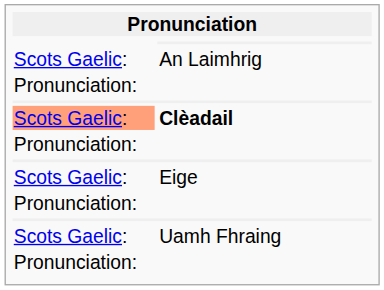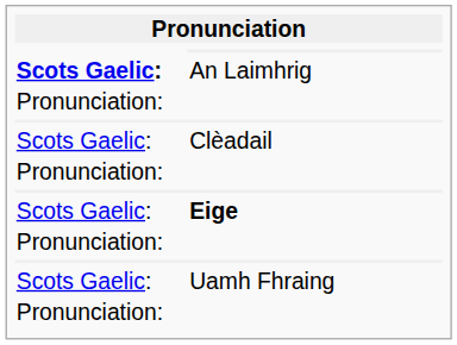 <table class="collapsible infobox collapsed" width="280" style="font-size: 90%;">
 <tr>
 <th colspan="2" bgcolor="#efefef">Pronunciation</th>
 </tr>
 <tr class="note">
 </tr>
 <tr style="vertical-align: top;">
 <td style="width: 40%;"></td>
 <th colspan="2" bgcolor="#efefef"></th>
 </tr>
 <tr>
-<td><a href='#'>Scots Gaelic</a>:</td>
+<td><strong><a href='#'>Scots Gaelic</a>:</strong></td>
 <td>An Laimhrig</td>
 </tr>
 <tr>
 <td>Pronunciation:</td>
 <td></td>
 </tr>
 <tr>
 <th colspan="2" bgcolor="#efefef"></th>
 </tr>
 <tr>
-<td style="background: lightsalmon;"><a href='#'>Scots Gaelic</a>:</td>
-<td><strong>Clèadail</strong></td>
+<td><a href='#'>Scots Gaelic</a>:</td>
+<td>Clèadail</td>
 </tr>
 <tr>
 <td>Pronunciation:</td>
 <td></td>
 </tr>
 <tr>
 <th colspan="2" bgcolor="#efefef"></th>
 </tr>
 <tr>
 <td><a href='#'>Scots Gaelic</a>:</td>
-<td>Eige</td>
+<td><strong>Eige</strong></td>
 </tr>
 <tr>
 <td>Pronunciation:</td>
 <td></td>
 </tr>
 <tr>
 <th colspan="2" bgcolor="#efefef"></th>
 </tr>
 <tr>
 <td><a href='#'>Scots Gaelic</a>:</td>
 <td>Uamh Fhraing</td>
 </tr>
 <tr>
 <td>Pronunciation:</td>
 <td></td>
 </tr>
 <tr>
 </tr>
 </table>
